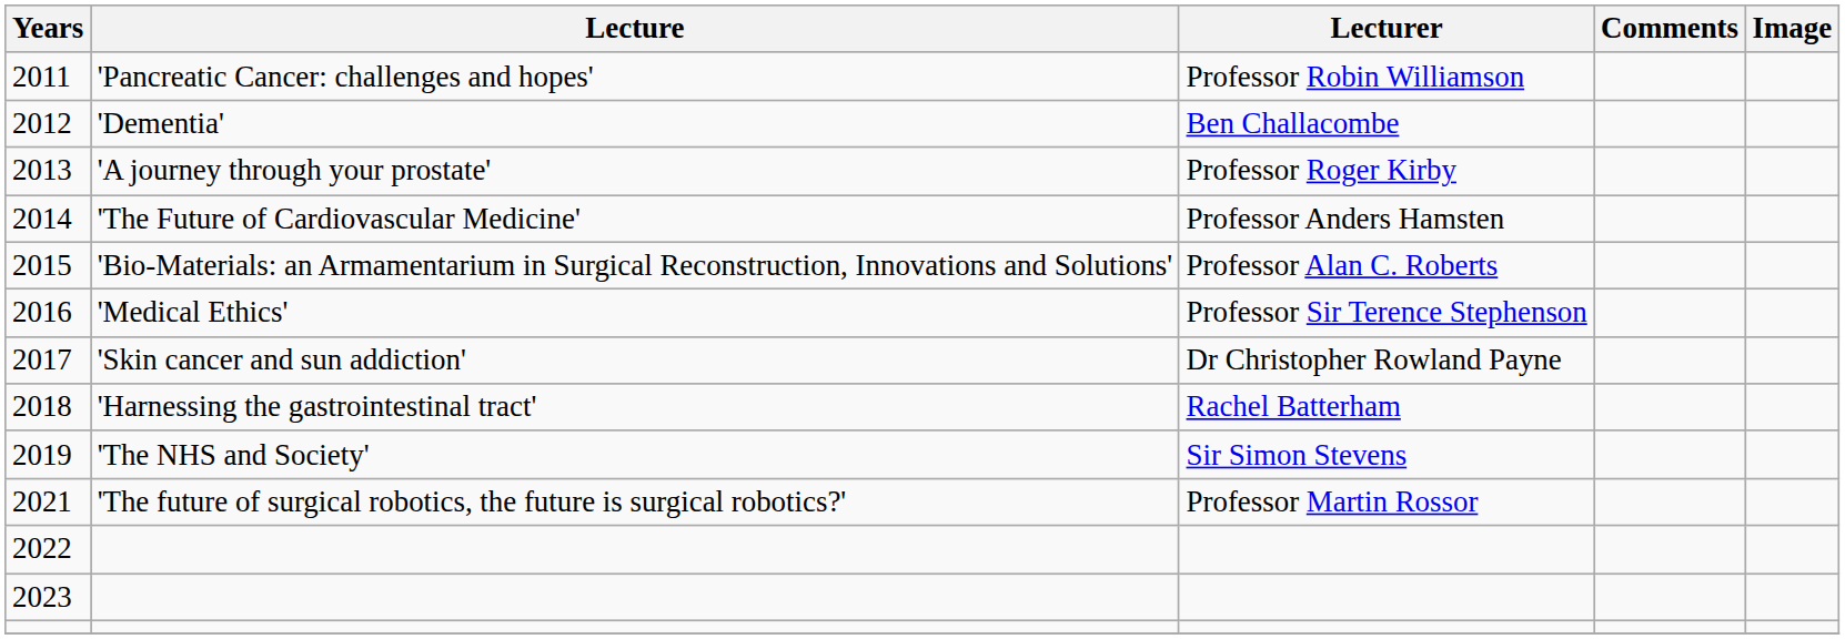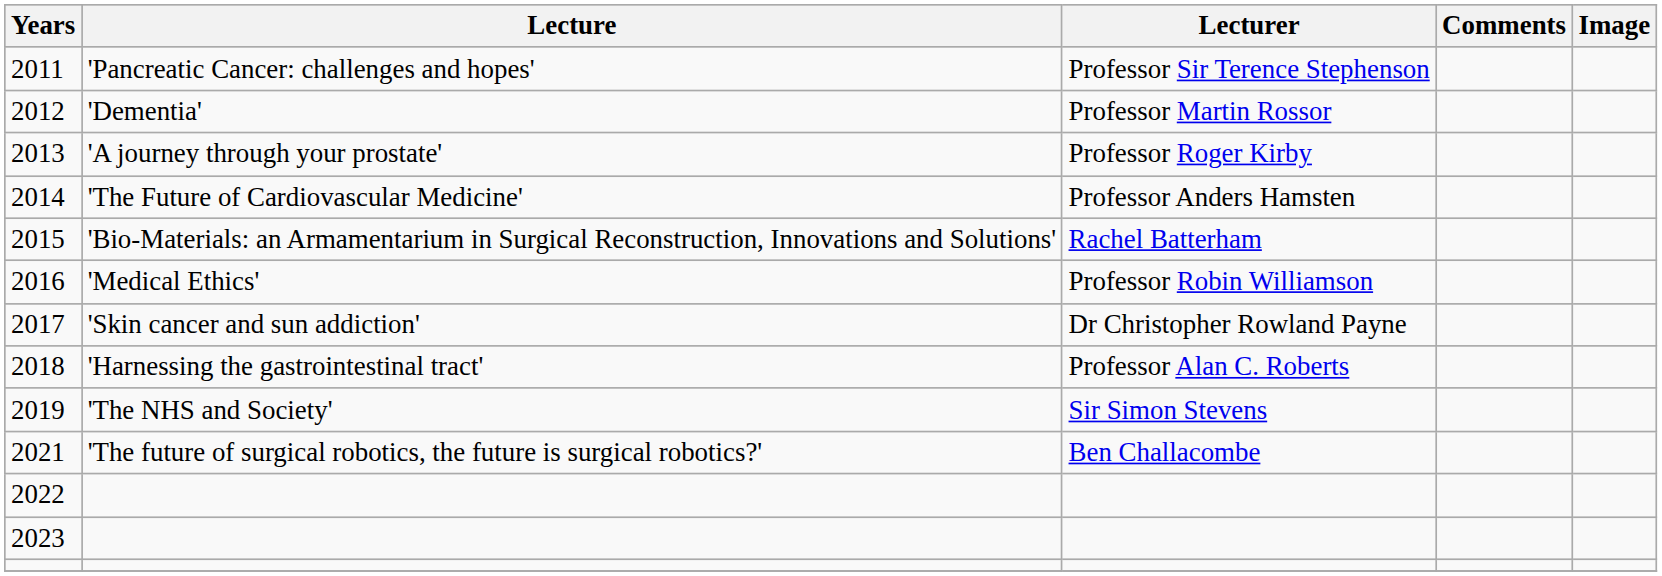 <table class="wikitable">
 <tr>
 <th>Years</th>
 <th>Lecture</th>
 <th>Lecturer</th>
 <th>Comments</th>
 <th>Image</th>
 </tr>
 <tr>
 <td>2011</td>
 <td>'Pancreatic Cancer: challenges and hopes'</td>
-<td>Professor <a href='#'>Robin Williamson</a></td>
+<td>Professor <a href='#'>Sir Terence Stephenson</a></td>
 <td></td>
 <td></td>
 </tr>
 <tr>
 <td>2012</td>
 <td>'Dementia'</td>
-<td><a href='#'>Ben Challacombe</a></td>
+<td>Professor <a href='#'>Martin Rossor</a></td>
 <td></td>
 <td></td>
 </tr>
 <tr>
 <td>2013</td>
 <td>'A journey through your prostate'</td>
 <td>Professor <a href='#'>Roger Kirby</a></td>
 <td></td>
 <td></td>
 </tr>
 <tr>
 <td>2014</td>
 <td>'The Future of Cardiovascular Medicine'</td>
 <td>Professor Anders Hamsten</td>
 <td></td>
 <td></td>
 </tr>
 <tr>
 <td>2015</td>
 <td>'Bio-Materials: an Armamentarium in Surgical Reconstruction, Innovations and Solutions'</td>
-<td>Professor <a href='#'>Alan C. Roberts</a></td>
+<td><a href='#'>Rachel Batterham</a></td>
 <td></td>
 <td></td>
 </tr>
 <tr>
 <td>2016</td>
 <td>'Medical Ethics'</td>
-<td>Professor <a href='#'>Sir Terence Stephenson</a></td>
+<td>Professor <a href='#'>Robin Williamson</a></td>
 <td></td>
 <td></td>
 </tr>
 <tr>
 <td>2017</td>
 <td>'Skin cancer and sun addiction'</td>
 <td>Dr Christopher Rowland Payne</td>
 <td></td>
 <td></td>
 </tr>
 <tr>
 <td>2018</td>
 <td>'Harnessing the gastrointestinal tract'</td>
-<td><a href='#'>Rachel Batterham</a></td>
+<td>Professor <a href='#'>Alan C. Roberts</a></td>
 <td></td>
 <td></td>
 </tr>
 <tr>
 <td>2019</td>
 <td>'The NHS and Society'</td>
 <td><a href='#'>Sir Simon Stevens</a></td>
 <td></td>
 <td></td>
 </tr>
 <tr>
 <td>2021</td>
 <td>'The future of surgical robotics, the future is surgical robotics?'</td>
-<td>Professor <a href='#'>Martin Rossor</a></td>
+<td><a href='#'>Ben Challacombe</a></td>
 <td></td>
 <td></td>
 </tr>
 <tr>
 <td>2022</td>
 <td></td>
 <td></td>
 <td></td>
 <td></td>
 </tr>
 <tr>
 <td>2023</td>
 <td></td>
 <td></td>
 <td></td>
 <td></td>
 </tr>
 <tr>
 <td></td>
 <td></td>
 <td></td>
 <td></td>
 <td></td>
 </tr>
 <tr>
 </tr>
 </table>
